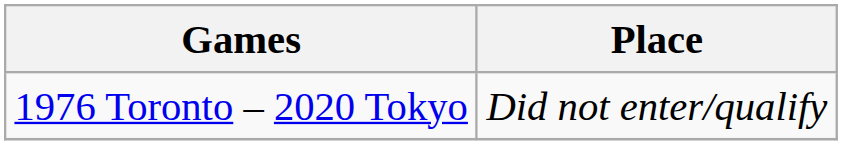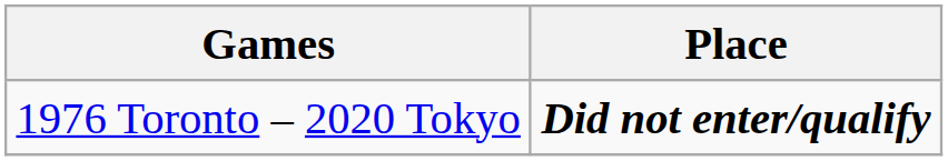 <table class="wikitable sortable" style="font-size:110%">
 <tr>
 <th>Games</th>
 <th>Place</th>
 </tr>
 <tr>
 <td> <a href='#'>1976 Toronto</a> –  <a href='#'>2020 Tokyo</a></td>
-<td><em>Did not enter/qualify</em></td>
+<td><strong><em>Did not enter/qualify</em></strong></td>
 </tr>
 <tr>
 </tr>
 </table>
